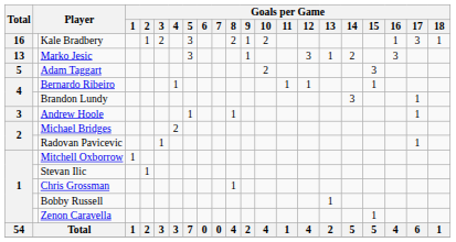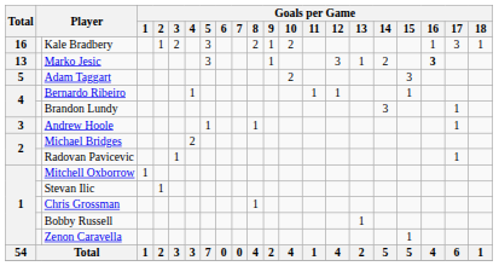 <table class="wikitable" style="text-align:center; line-height: 90%; font-size:90%;">
 <tr>
 <th rowspan=2>Total</th>
 <th rowspan=2 colspan=2>Player</th>
 <th colspan=18 style="width:432px;">Goals per Game</th>
 </tr>
 <tr>
 <th>1</th>
 <th>2</th>
 <th>3</th>
 <th>4</th>
 <th>5</th>
 <th>6</th>
 <th>7</th>
 <th>8</th>
 <th>9</th>
 <th>10</th>
 <th>11</th>
 <th>12</th>
 <th>13</th>
 <th>14</th>
 <th>15</th>
 <th>16</th>
 <th>17</th>
 <th>18</th>
 </tr>
 <tr>
 <th rowspan=1>16</th>
 <td></td>
 <td style="text-align:left;">Kale Bradbery</td>
 <td></td>
 <td>1</td>
 <td>2</td>
 <td></td>
 <td>3</td>
 <td></td>
 <td></td>
 <td>2</td>
 <td>1</td>
 <td>2</td>
 <td></td>
 <td></td>
 <td></td>
 <td></td>
 <td></td>
 <td>1</td>
 <td>3</td>
 <td>1</td>
 </tr>
 <tr>
 <th rowspan=1>13</th>
 <td></td>
 <td style="text-align:left;"><a href='#'>Marko Jesic</a></td>
 <td></td>
 <td></td>
 <td></td>
 <td></td>
 <td>3</td>
 <td></td>
 <td></td>
 <td></td>
 <td>1</td>
 <td></td>
 <td></td>
 <td>3</td>
 <td>1</td>
 <td>2</td>
 <td></td>
-<td>3</td>
+<td><strong>3</strong></td>
 <td></td>
 <td></td>
 </tr>
 <tr>
 <th rowspan=1>5</th>
 <td></td>
 <td style="text-align:left;"><a href='#'>Adam Taggart</a></td>
 <td></td>
 <td></td>
 <td></td>
 <td></td>
 <td></td>
 <td></td>
 <td></td>
 <td></td>
 <td></td>
 <td>2</td>
 <td></td>
 <td></td>
 <td></td>
 <td></td>
 <td>3</td>
 <td></td>
 <td></td>
 <td></td>
 </tr>
 <tr>
 <th rowspan=2>4</th>
 <td></td>
 <td style="text-align:left;"><a href='#'>Bernardo Ribeiro</a></td>
 <td></td>
 <td></td>
 <td></td>
 <td>1</td>
 <td></td>
 <td></td>
 <td></td>
 <td></td>
 <td></td>
 <td></td>
 <td>1</td>
 <td>1</td>
 <td></td>
 <td></td>
 <td>1</td>
 <td></td>
 <td></td>
 <td></td>
 </tr>
 <tr>
 <td></td>
 <td style="text-align:left;">Brandon Lundy</td>
 <td></td>
 <td></td>
 <td></td>
 <td></td>
 <td></td>
 <td></td>
 <td></td>
 <td></td>
 <td></td>
 <td></td>
 <td></td>
 <td></td>
 <td></td>
 <td>3</td>
 <td></td>
 <td></td>
 <td>1</td>
 <td></td>
 </tr>
 <tr>
 <th rowspan=1>3</th>
 <td></td>
 <td style="text-align:left;"><a href='#'>Andrew Hoole</a></td>
 <td></td>
 <td></td>
 <td></td>
 <td></td>
 <td>1</td>
 <td></td>
 <td></td>
 <td>1</td>
 <td></td>
 <td></td>
 <td></td>
 <td></td>
 <td></td>
 <td></td>
 <td></td>
 <td></td>
 <td>1</td>
 <td></td>
 </tr>
 <tr>
 <th rowspan=2>2</th>
 <td></td>
 <td style="text-align:left;"><a href='#'>Michael Bridges</a></td>
 <td></td>
 <td></td>
 <td></td>
 <td>2</td>
 <td></td>
 <td></td>
 <td></td>
 <td></td>
 <td></td>
 <td></td>
 <td></td>
 <td></td>
 <td></td>
 <td></td>
 <td></td>
 <td></td>
 <td></td>
 <td></td>
 </tr>
 <tr>
 <td></td>
 <td style="text-align:left;">Radovan Pavicevic</td>
 <td></td>
 <td></td>
 <td>1</td>
 <td></td>
 <td></td>
 <td></td>
 <td></td>
 <td></td>
 <td></td>
 <td></td>
 <td></td>
 <td></td>
 <td></td>
 <td></td>
 <td></td>
 <td></td>
 <td>1</td>
 <td></td>
 </tr>
 <tr>
 <th rowspan=5>1</th>
 <td></td>
 <td style="text-align:left;"><a href='#'>Mitchell Oxborrow</a></td>
 <td>1</td>
 <td></td>
 <td></td>
 <td></td>
 <td></td>
 <td></td>
 <td></td>
 <td></td>
 <td></td>
 <td></td>
 <td></td>
 <td></td>
 <td></td>
 <td></td>
 <td></td>
 <td></td>
 <td></td>
 <td></td>
 </tr>
 <tr>
 <td></td>
 <td style="text-align:left;">Stevan Ilic</td>
 <td></td>
 <td>1</td>
 <td></td>
 <td></td>
 <td></td>
 <td></td>
 <td></td>
 <td></td>
 <td></td>
 <td></td>
 <td></td>
 <td></td>
 <td></td>
 <td></td>
 <td></td>
 <td></td>
 <td></td>
 <td></td>
 </tr>
 <tr>
 <td></td>
 <td style="text-align:left;"><a href='#'>Chris Grossman</a></td>
 <td></td>
 <td></td>
 <td></td>
 <td></td>
 <td></td>
 <td></td>
 <td></td>
 <td>1</td>
 <td></td>
 <td></td>
 <td></td>
 <td></td>
 <td></td>
 <td></td>
 <td></td>
 <td></td>
 <td></td>
 <td></td>
 </tr>
 <tr>
 <td></td>
 <td style="text-align:left;">Bobby Russell</td>
 <td></td>
 <td></td>
 <td></td>
 <td></td>
 <td></td>
 <td></td>
 <td></td>
 <td></td>
 <td></td>
 <td></td>
 <td></td>
 <td></td>
 <td>1</td>
 <td></td>
 <td></td>
 <td></td>
 <td></td>
 <td></td>
 </tr>
 <tr>
 <td></td>
 <td style="text-align:left;"><a href='#'>Zenon Caravella</a></td>
 <td></td>
 <td></td>
 <td></td>
 <td></td>
 <td></td>
 <td></td>
 <td></td>
 <td></td>
 <td></td>
 <td></td>
 <td></td>
 <td></td>
 <td></td>
 <td></td>
 <td>1</td>
 <td></td>
 <td></td>
 <td></td>
 </tr>
 <tr>
 <th rowspan=1>54</th>
 <th colspan=2>Total</th>
 <th style="text-align:center;">1</th>
 <th>2</th>
 <th>3</th>
 <th>3</th>
 <th>7</th>
 <th>0</th>
 <th>0</th>
 <th>4</th>
 <th>2</th>
 <th>4</th>
 <th>1</th>
 <th>4</th>
 <th>2</th>
 <th>5</th>
 <th>5</th>
 <th>4</th>
 <th>6</th>
 <th>1</th>
 </tr>
 <tr>
 </tr>
 </table>
